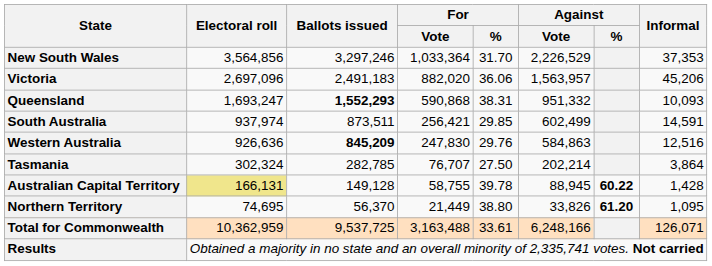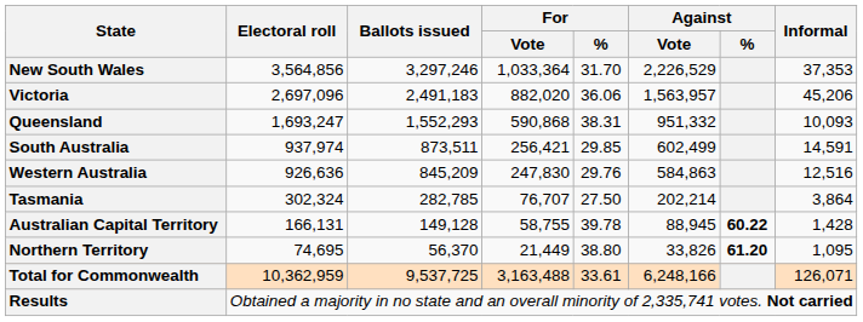 <table class="wikitable">
 <tr align=center>
 <th rowspan="2">State</th>
 <th rowspan="2">Electoral roll</th>
 <th rowspan="2">Ballots issued</th>
 <th align=center colspan="2">For</th>
 <th align=center colspan="2">Against</th>
 <th align=center rowspan="2">Informal</th>
 </tr>
 <tr>
 <th align=center>Vote</th>
 <th align=center>%</th>
 <th align=center>Vote</th>
 <th align=center>%</th>
 </tr>
 <tr align="right">
 <th style="text-align:left;">New South Wales</th>
 <td>3,564,856</td>
 <td>3,297,246</td>
 <td>1,033,364</td>
 <td align="center">31.70</td>
 <td>2,226,529</td>
 <th></th>
 <td>37,353</td>
 </tr>
 <tr align="right">
 <th style="text-align:left;">Victoria</th>
 <td>2,697,096</td>
 <td>2,491,183</td>
 <td>882,020</td>
 <td align="center">36.06</td>
 <td>1,563,957</td>
 <th></th>
 <td>45,206</td>
 </tr>
 <tr align="right">
 <th style="text-align:left;">Queensland</th>
 <td>1,693,247</td>
-<td><strong>1,552,293</strong></td>
+<td>1,552,293</td>
 <td>590,868</td>
 <td align="center">38.31</td>
 <td>951,332</td>
 <th></th>
 <td>10,093</td>
 </tr>
 <tr align="right">
 <th style="text-align:left;">South Australia</th>
 <td>937,974</td>
 <td>873,511</td>
 <td>256,421</td>
 <td align="center">29.85</td>
 <td>602,499</td>
 <th></th>
 <td>14,591</td>
 </tr>
 <tr align="right">
 <th style="text-align:left;">Western Australia</th>
 <td>926,636</td>
-<td><strong>845,209</strong></td>
+<td>845,209</td>
 <td>247,830</td>
 <td align="center">29.76</td>
 <td>584,863</td>
 <th></th>
 <td>12,516</td>
 </tr>
 <tr align="right">
 <th style="text-align:left;">Tasmania</th>
 <td>302,324</td>
 <td>282,785</td>
 <td>76,707</td>
 <td align="center">27.50</td>
 <td>202,214</td>
 <th></th>
 <td>3,864</td>
 </tr>
 <tr align="right">
 <th style="text-align:left;">Australian Capital Territory </th>
-<td style="background: khaki;">166,131</td>
+<td>166,131</td>
 <td>149,128</td>
 <td>58,755</td>
 <td align="center">39.78</td>
 <td>88,945</td>
 <td align="center"><strong>60.22</strong></td>
 <td>1,428</td>
 </tr>
 <tr align="right">
 <th style="text-align:left;">Northern Territory </th>
 <td>74,695</td>
 <td>56,370</td>
 <td>21,449</td>
 <td align="center">38.80</td>
 <td>33,826</td>
 <td align="center"><strong>61.20</strong></td>
 <td>1,095</td>
 </tr>
 <tr bgcolor=#FFE0C0 align="right">
 <th style="text-align:left;">Total for Commonwealth</th>
 <td>10,362,959</td>
 <td>9,537,725</td>
 <td>3,163,488</td>
 <td align="center">33.61</td>
 <td>6,248,166</td>
 <th></th>
 <td>126,071</td>
 </tr>
 <tr>
 <th style="text-align:left;">Results</th>
 <td colSpan="8"><em>Obtained a majority in no state and an overall minority of 2,335,741 votes.</em> <strong>Not carried</strong></td>
 </tr>
 </table>
